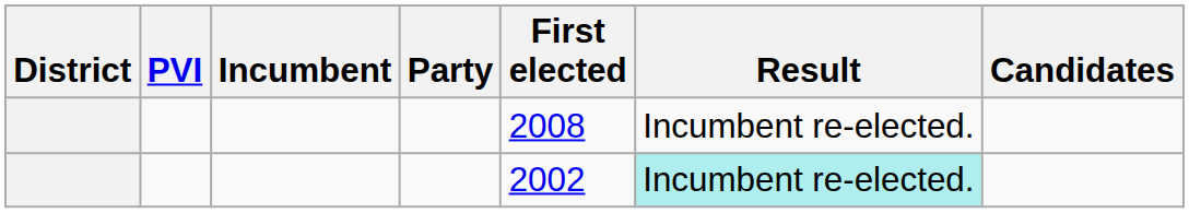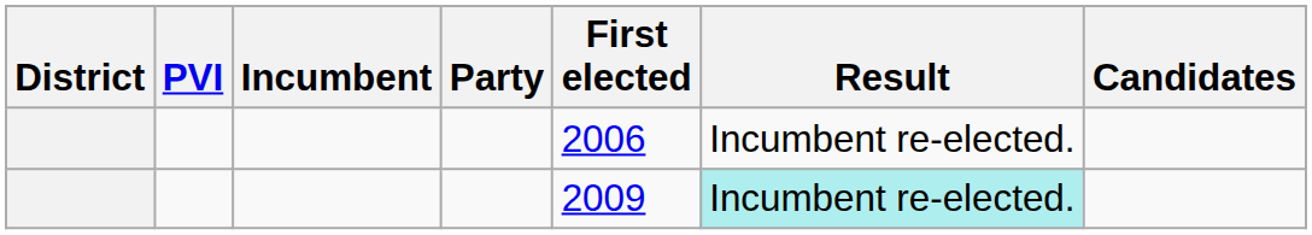 <table class="wikitable sortable">
 <tr valign=bottom>
 <th>District</th>
 <th><a href='#'>PVI</a></th>
 <th>Incumbent</th>
 <th>Party</th>
 <th>First<br>elected</th>
 <th>Result</th>
 <th>Candidates</th>
 </tr>
 <tr>
 <th></th>
 <td></td>
 <td></td>
 <td></td>
-<td><a href='#'>2008</a></td>
+<td><a href='#'>2006</a></td>
 <td>Incumbent re-elected.</td>
 <td nowrap></td>
 </tr>
 <tr>
 <th></th>
 <td></td>
 <td></td>
 <td></td>
-<td><a href='#'>2002</a></td>
+<td><a href='#'>2009</a></td>
 <td style="background: paleturquoise;">Incumbent re-elected.</td>
 <td nowrap></td>
 </tr>
 </table>
